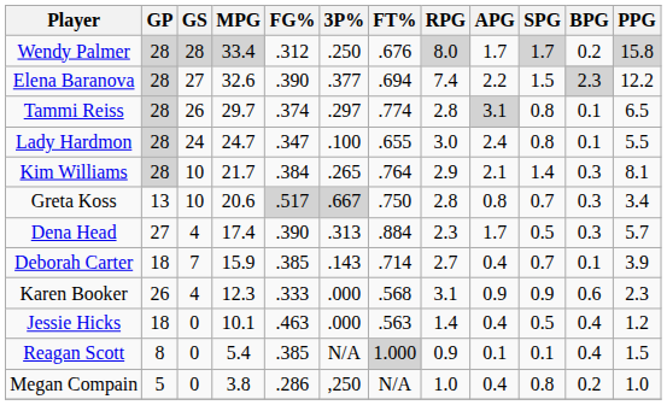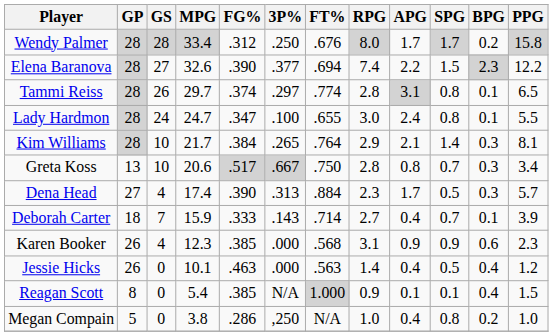 <table class="wikitable sortable" style="text-align:center;">
 <tr>
 <th>Player</th>
 <th>GP</th>
 <th>GS</th>
 <th>MPG</th>
 <th>FG%</th>
 <th>3P%</th>
 <th>FT%</th>
 <th>RPG</th>
 <th>APG</th>
 <th>SPG</th>
 <th>BPG</th>
 <th>PPG</th>
 </tr>
 <tr>
 <td><a href='#'>Wendy Palmer</a></td>
 <td style="background:#D3D3D3;">28</td>
 <td style="background:#D3D3D3;">28</td>
 <td style="background:#D3D3D3;">33.4</td>
 <td>.312</td>
 <td>.250</td>
 <td>.676</td>
 <td style="background:#D3D3D3;">8.0</td>
 <td>1.7</td>
 <td style="background:#D3D3D3;">1.7</td>
 <td>0.2</td>
 <td style="background:#D3D3D3;">15.8</td>
 </tr>
 <tr>
 <td><a href='#'>Elena Baranova</a></td>
 <td style="background:#D3D3D3;">28</td>
 <td>27</td>
 <td>32.6</td>
 <td>.390</td>
 <td>.377</td>
 <td>.694</td>
 <td>7.4</td>
 <td>2.2</td>
 <td>1.5</td>
 <td style="background:#D3D3D3;">2.3</td>
 <td>12.2</td>
 </tr>
 <tr>
 <td><a href='#'>Tammi Reiss</a></td>
 <td style="background:#D3D3D3;">28</td>
 <td>26</td>
 <td>29.7</td>
 <td>.374</td>
 <td>.297</td>
 <td>.774</td>
 <td>2.8</td>
 <td style="background:#D3D3D3;">3.1</td>
 <td>0.8</td>
 <td>0.1</td>
 <td>6.5</td>
 </tr>
 <tr>
 <td><a href='#'>Lady Hardmon</a></td>
 <td style="background:#D3D3D3;">28</td>
 <td>24</td>
 <td>24.7</td>
 <td>.347</td>
 <td>.100</td>
 <td>.655</td>
 <td>3.0</td>
 <td>2.4</td>
 <td>0.8</td>
 <td>0.1</td>
 <td>5.5</td>
 </tr>
 <tr>
 <td><a href='#'>Kim Williams</a></td>
 <td style="background:#D3D3D3;">28</td>
 <td>10</td>
 <td>21.7</td>
 <td>.384</td>
 <td>.265</td>
 <td>.764</td>
 <td>2.9</td>
 <td>2.1</td>
 <td>1.4</td>
 <td>0.3</td>
 <td>8.1</td>
 </tr>
 <tr>
 <td>Greta Koss</td>
 <td>13</td>
 <td>10</td>
 <td>20.6</td>
 <td style="background:#D3D3D3;">.517</td>
 <td style="background:#D3D3D3;">.667</td>
 <td>.750</td>
 <td>2.8</td>
 <td>0.8</td>
 <td>0.7</td>
 <td>0.3</td>
 <td>3.4</td>
 </tr>
 <tr>
 <td><a href='#'>Dena Head</a></td>
 <td>27</td>
 <td>4</td>
 <td>17.4</td>
 <td>.390</td>
 <td>.313</td>
 <td>.884</td>
 <td>2.3</td>
 <td>1.7</td>
 <td>0.5</td>
 <td>0.3</td>
 <td>5.7</td>
 </tr>
 <tr>
 <td><a href='#'>Deborah Carter</a></td>
 <td>18</td>
 <td>7</td>
 <td>15.9</td>
-<td>.385</td>
+<td>.333</td>
 <td>.143</td>
 <td>.714</td>
 <td>2.7</td>
 <td>0.4</td>
 <td>0.7</td>
 <td>0.1</td>
 <td>3.9</td>
 </tr>
 <tr>
 <td>Karen Booker</td>
 <td>26</td>
 <td>4</td>
 <td>12.3</td>
-<td>.333</td>
+<td>.385</td>
 <td>.000</td>
 <td>.568</td>
 <td>3.1</td>
 <td>0.9</td>
 <td>0.9</td>
 <td>0.6</td>
 <td>2.3</td>
 </tr>
 <tr>
 <td><a href='#'>Jessie Hicks</a></td>
-<td>18</td>
+<td>26</td>
 <td>0</td>
 <td>10.1</td>
 <td>.463</td>
 <td>.000</td>
 <td>.563</td>
 <td>1.4</td>
 <td>0.4</td>
 <td>0.5</td>
 <td>0.4</td>
 <td>1.2</td>
 </tr>
 <tr>
 <td><a href='#'>Reagan Scott</a></td>
 <td>8</td>
 <td>0</td>
 <td>5.4</td>
 <td>.385</td>
 <td>N/A</td>
 <td style="background:#D3D3D3;">1.000</td>
 <td>0.9</td>
 <td>0.1</td>
 <td>0.1</td>
 <td>0.4</td>
 <td>1.5</td>
 </tr>
 <tr>
 <td>Megan Compain</td>
 <td>5</td>
 <td>0</td>
 <td>3.8</td>
 <td>.286</td>
 <td>,250</td>
 <td>N/A</td>
 <td>1.0</td>
 <td>0.4</td>
 <td>0.8</td>
 <td>0.2</td>
 <td>1.0</td>
 </tr>
 <tr>
 </tr>
 </table>
